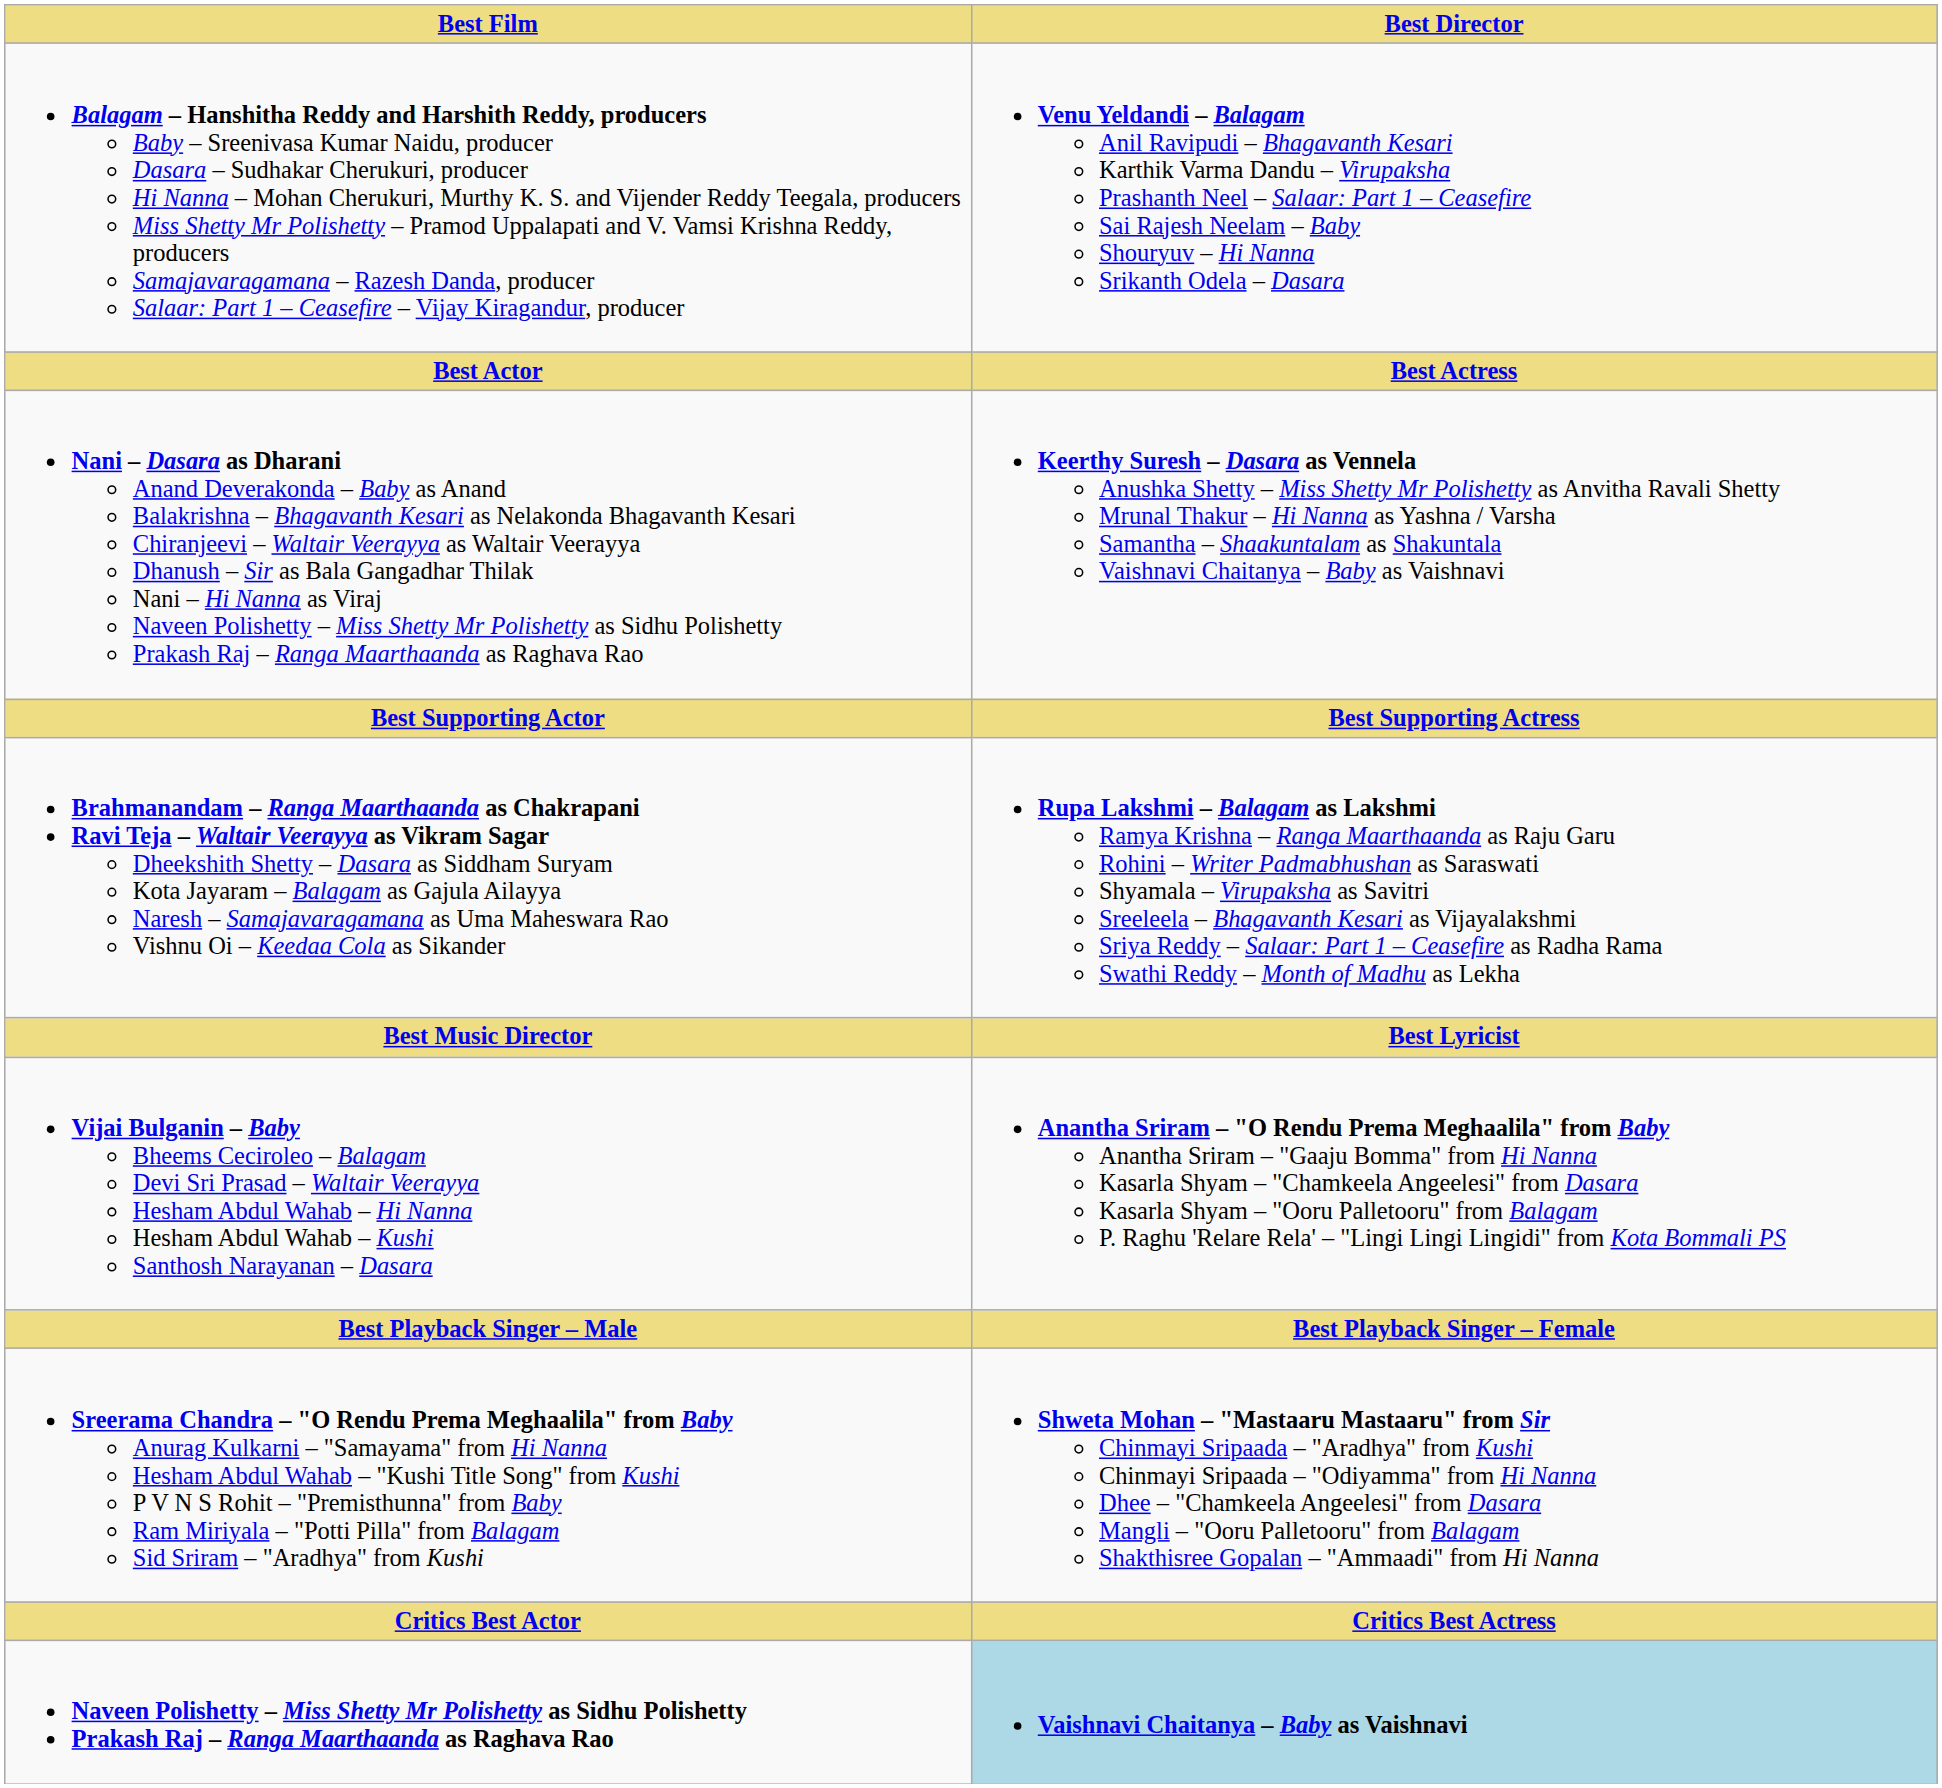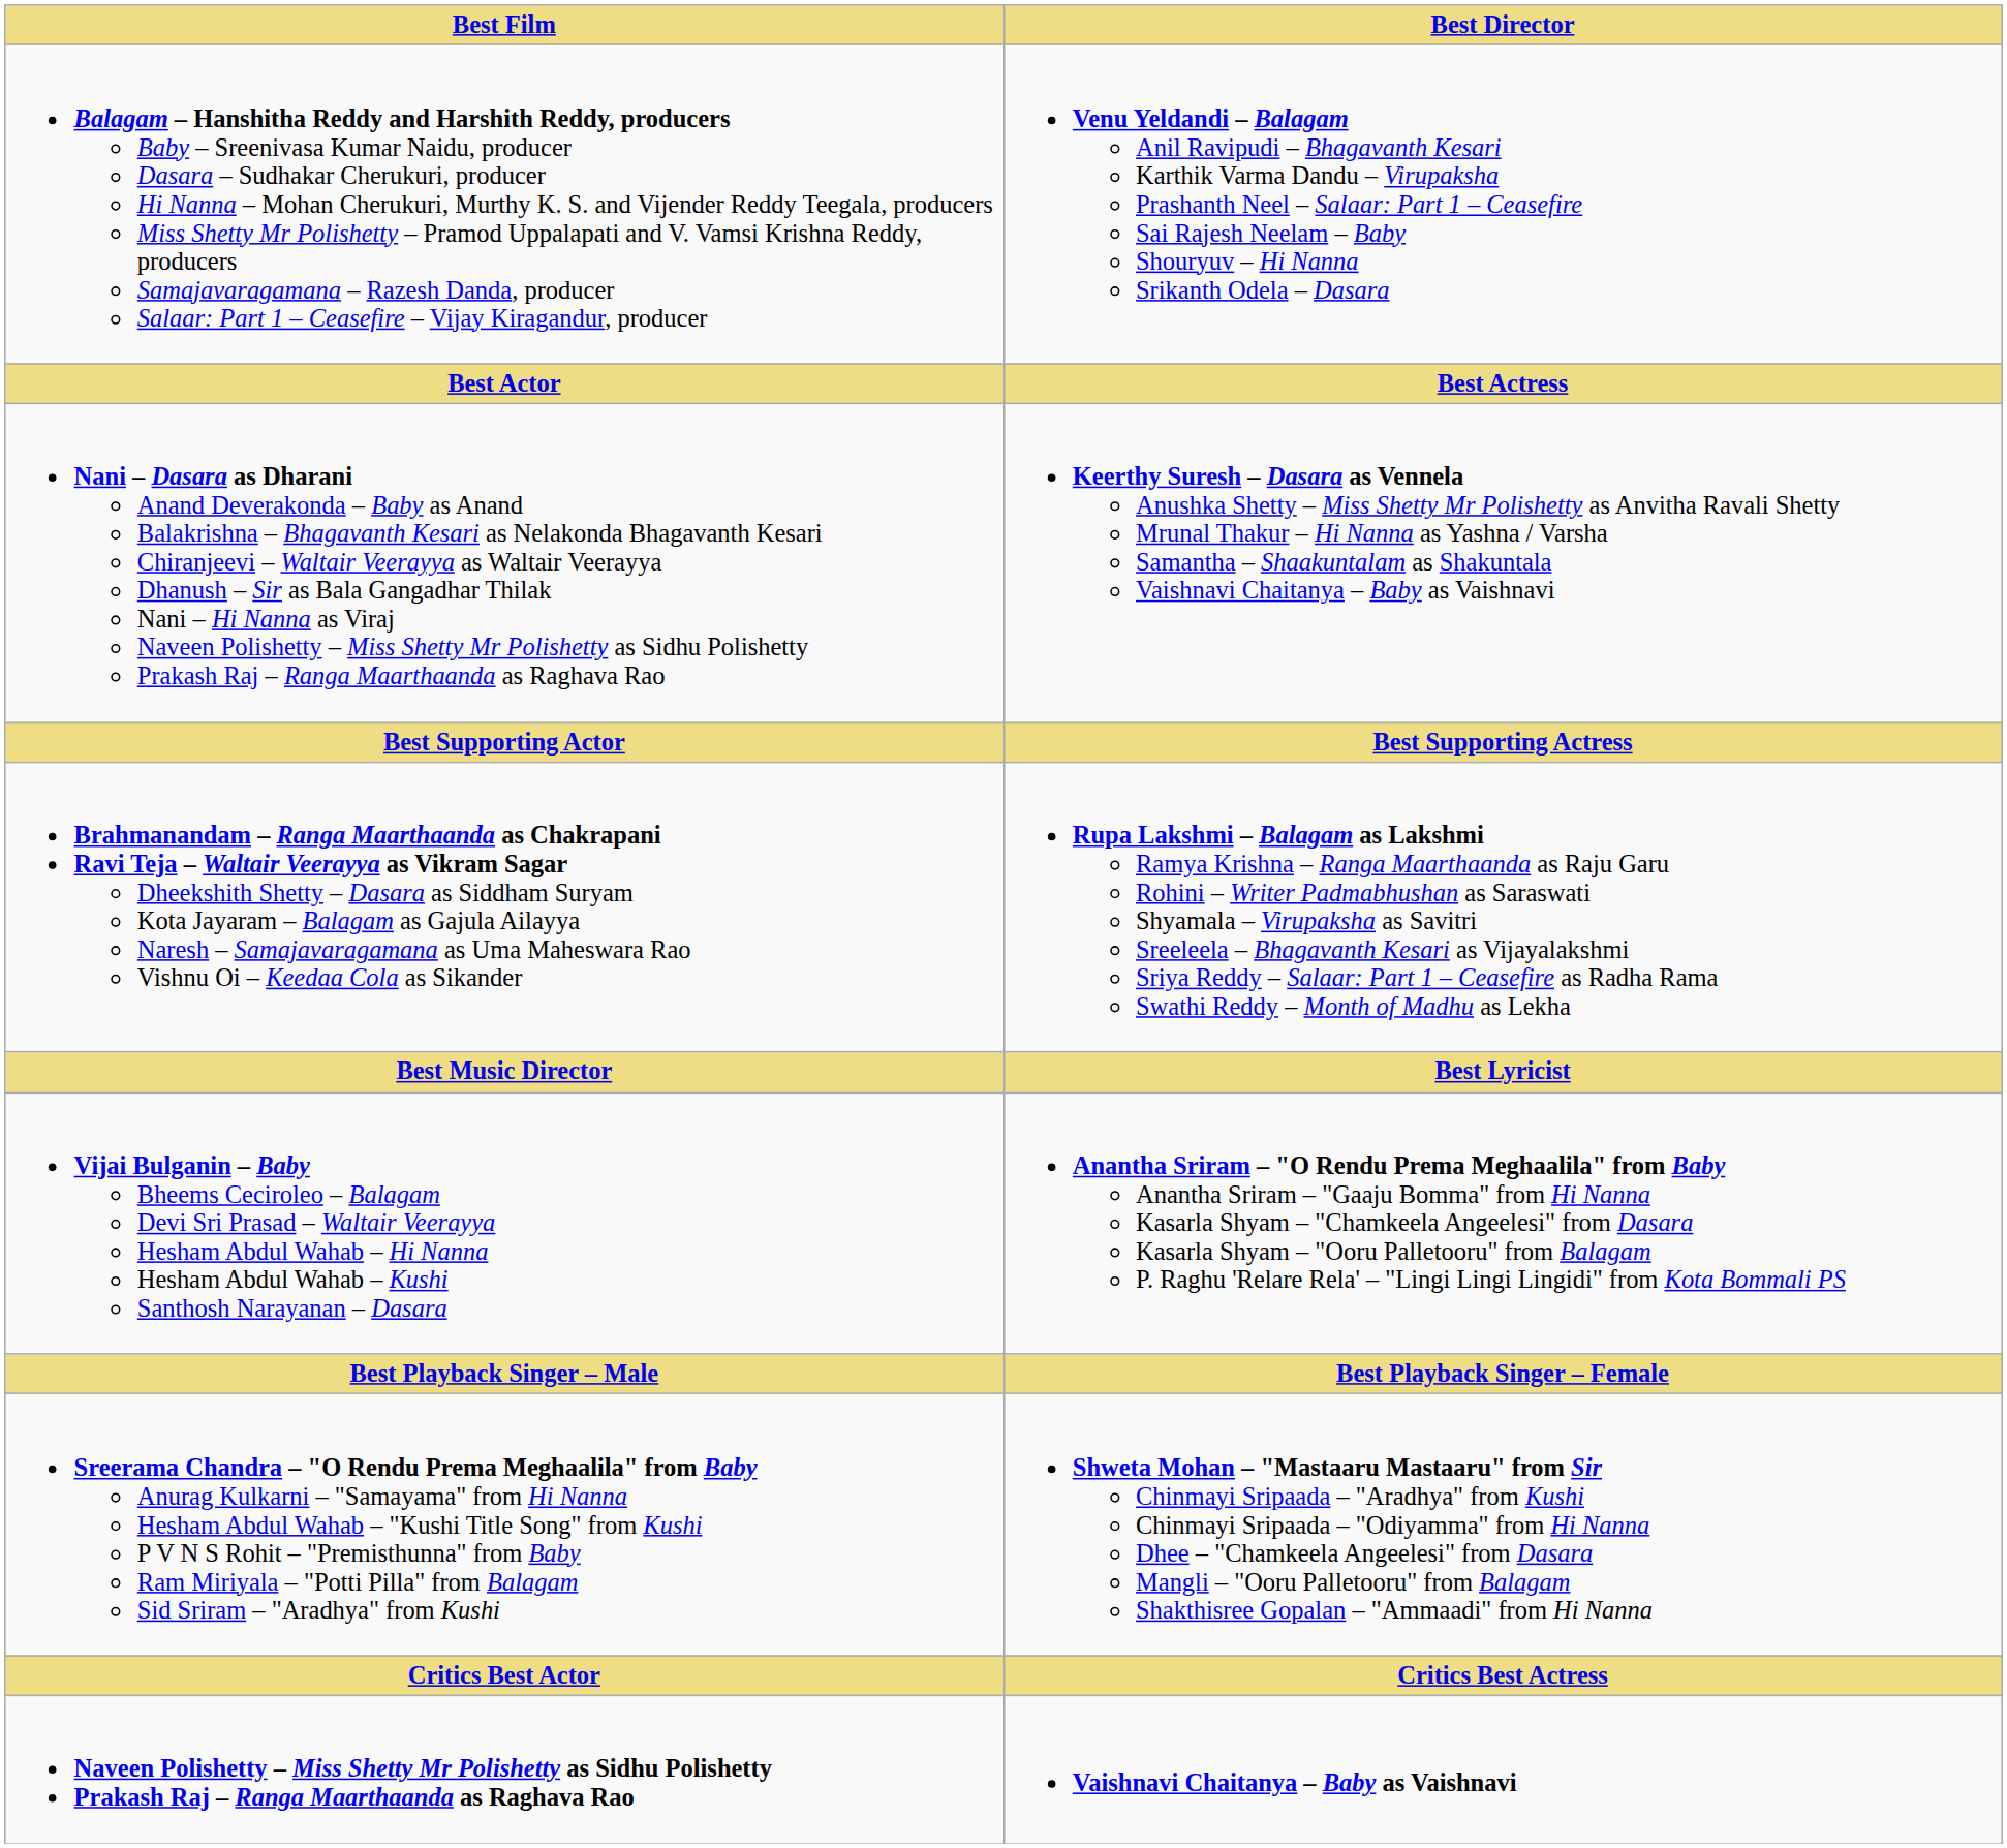 <table class="wikitable" width=100% |>
 <tr>
 <th ! style="background:#eedd82; text-align:center; width:50%;"><a href='#'>Best Film</a></th>
 <th ! style="background:#eedd82; text-align:center; width:50%;"><a href='#'>Best Director</a></th>
 </tr>
 <tr>
 <td valign="top"><br><ul><li><strong><a href='#'><em>Balagam</em></a> – Hanshitha Reddy and Harshith Reddy, producers</strong><ul><li><a href='#'><em>Baby</em></a> – Sreenivasa Kumar Naidu, producer</li><li><a href='#'><em>Dasara</em></a> – Sudhakar Cherukuri, producer</li><li><em><a href='#'>Hi Nanna</a></em> – Mohan Cherukuri, Murthy K. S. and Vijender Reddy Teegala, producers</li><li><em><a href='#'>Miss Shetty Mr Polishetty</a></em> – Pramod Uppalapati and V. Vamsi Krishna Reddy, producers</li><li><a href='#'><em>Samajavaragamana</em></a> – <a href='#'>Razesh Danda</a>, producer</li><li><em><a href='#'>Salaar: Part 1 – Ceasefire</a></em> – <a href='#'>Vijay Kiragandur</a>, producer</li></ul></li></ul></td>
 <td valign="top"><br><ul><li><strong><a href='#'>Venu Yeldandi</a> – <a href='#'><em>Balagam</em></a></strong><ul><li><a href='#'>Anil Ravipudi</a> – <em><a href='#'>Bhagavanth Kesari</a></em></li><li>Karthik Varma Dandu – <a href='#'><em>Virupaksha</em></a></li><li><a href='#'>Prashanth Neel</a> – <em><a href='#'>Salaar: Part 1 – Ceasefire</a></em></li><li><a href='#'>Sai Rajesh Neelam</a> – <a href='#'><em>Baby</em></a></li><li><a href='#'>Shouryuv</a> – <em><a href='#'>Hi Nanna</a></em></li><li><a href='#'>Srikanth Odela</a> – <a href='#'><em>Dasara</em></a></li></ul></li></ul></td>
 </tr>
 <tr>
 <th ! style="background:#eedd82; text-align:center;"><a href='#'>Best Actor</a></th>
 <th ! style="background:#eedd82; text-align:center;"><a href='#'>Best Actress</a></th>
 </tr>
 <tr>
 <td valign="top"><br><ul><li><strong><a href='#'>Nani</a> – <a href='#'><em>Dasara</em></a> as Dharani</strong><ul><li><a href='#'>Anand Deverakonda</a> – <a href='#'><em>Baby</em></a> as Anand</li><li><a href='#'>Balakrishna</a> – <em><a href='#'>Bhagavanth Kesari</a></em> as Nelakonda Bhagavanth Kesari</li><li><a href='#'>Chiranjeevi</a> – <em><a href='#'>Waltair Veerayya</a></em> as Waltair Veerayya</li><li><a href='#'>Dhanush</a> – <a href='#'><em>Sir</em></a> as Bala Gangadhar Thilak</li><li>Nani – <em><a href='#'>Hi Nanna</a></em> as Viraj</li><li><a href='#'>Naveen Polishetty</a> – <em><a href='#'>Miss Shetty Mr Polishetty</a></em> as Sidhu Polishetty</li><li><a href='#'>Prakash Raj</a> – <em><a href='#'>Ranga Maarthaanda</a></em> as Raghava Rao</li></ul></li></ul></td>
 <td valign="top"><br><ul><li><strong><a href='#'>Keerthy Suresh</a> – <a href='#'><em>Dasara</em></a> as Vennela</strong><ul><li><a href='#'>Anushka Shetty</a> – <em><a href='#'>Miss Shetty Mr Polishetty</a></em> as Anvitha Ravali Shetty</li><li><a href='#'>Mrunal Thakur</a> – <em><a href='#'>Hi Nanna</a></em> as Yashna / Varsha</li><li><a href='#'>Samantha</a> – <em><a href='#'>Shaakuntalam</a></em> as <a href='#'>Shakuntala</a></li><li><a href='#'>Vaishnavi Chaitanya</a> – <a href='#'><em>Baby</em></a> as Vaishnavi</li></ul></li></ul></td>
 </tr>
 <tr>
 <th ! style="background:#eedd82; text-align:center;"><a href='#'>Best Supporting Actor</a></th>
 <th ! style="background:#eedd82; text-align:center;"><a href='#'>Best Supporting Actress</a></th>
 </tr>
 <tr>
 <td valign="top"><br><ul><li><strong><a href='#'>Brahmanandam</a> – <em><a href='#'>Ranga Maarthaanda</a></em> as Chakrapani</strong></li><li><strong><a href='#'>Ravi Teja</a> – <em><a href='#'>Waltair Veerayya</a></em> as Vikram Sagar</strong><ul><li><a href='#'>Dheekshith Shetty</a> – <em><a href='#'>Dasara</a></em> as Siddham Suryam</li><li>Kota Jayaram – <em><a href='#'>Balagam</a></em> as Gajula Ailayya</li><li><a href='#'>Naresh</a> – <em><a href='#'>Samajavaragamana</a></em> as Uma Maheswara Rao</li><li>Vishnu Oi – <em><a href='#'>Keedaa Cola</a></em> as Sikander</li></ul></li></ul></td>
 <td valign="top"><br><ul><li><strong><a href='#'>Rupa Lakshmi</a> – <em><a href='#'>Balagam</a></em> as Lakshmi</strong><ul><li><a href='#'>Ramya Krishna</a> – <em><a href='#'>Ranga Maarthaanda</a></em> as Raju Garu</li><li><a href='#'>Rohini</a> – <em><a href='#'>Writer Padmabhushan</a></em> as Saraswati</li><li>Shyamala – <em><a href='#'>Virupaksha</a></em> as Savitri</li><li><a href='#'>Sreeleela</a> – <em><a href='#'>Bhagavanth Kesari</a></em> as Vijayalakshmi</li><li><a href='#'>Sriya Reddy</a> – <em><a href='#'>Salaar: Part 1 – Ceasefire</a></em> as Radha Rama</li><li><a href='#'>Swathi Reddy</a> – <em><a href='#'>Month of Madhu</a></em> as Lekha</li></ul></li></ul></td>
 </tr>
 <tr>
 <th ! style="background:#eedd82; text-align:center;"><a href='#'>Best Music Director</a></th>
 <th ! style="background:#eedd82; text-align:center;"><a href='#'>Best Lyricist</a></th>
 </tr>
 <tr>
 <td valign="top"><br><ul><li><strong><a href='#'>Vijai Bulganin</a></strong> <strong>– <a href='#'><em>Baby</em></a></strong><ul><li><a href='#'>Bheems Ceciroleo</a> – <a href='#'><em>Balagam</em></a></li><li><a href='#'>Devi Sri Prasad</a> – <em><a href='#'>Waltair Veerayya</a></em></li><li><a href='#'>Hesham Abdul Wahab</a> – <a href='#'><em>Hi Nanna</em></a></li><li>Hesham Abdul Wahab – <a href='#'><em>Kushi</em></a></li><li><a href='#'>Santhosh Narayanan</a> – <a href='#'><em>Dasara</em></a></li></ul></li></ul></td>
 <td valign="top"><br><ul><li><strong><a href='#'>Anantha Sriram</a> – "O Rendu Prema Meghaalila" from <a href='#'><em>Baby</em></a></strong><ul><li>Anantha Sriram – "Gaaju Bomma" from <a href='#'><em>Hi Nanna</em></a></li><li>Kasarla Shyam – "Chamkeela Angeelesi" from <a href='#'><em>Dasara</em></a></li><li>Kasarla Shyam – "Ooru Palletooru" from <a href='#'><em>Balagam</em></a></li><li>P. Raghu 'Relare Rela' – "Lingi Lingi Lingidi" from <em><a href='#'>Kota Bommali PS</a></em></li></ul></li></ul></td>
 </tr>
 <tr>
 <th ! style="background:#eedd82; text-align:center;"><a href='#'>Best Playback Singer – Male</a></th>
 <th ! style="background:#eedd82; text-align:center;"><a href='#'>Best Playback Singer – Female</a></th>
 </tr>
 <tr>
 <td valign="top"><br><ul><li><strong><a href='#'>Sreerama Chandra</a> – "O Rendu Prema Meghaalila" from <a href='#'><em>Baby</em></a></strong><ul><li><a href='#'>Anurag Kulkarni</a> – "Samayama" from <a href='#'><em>Hi Nanna</em></a></li><li><a href='#'>Hesham Abdul Wahab</a> – "Kushi Title Song" from <a href='#'><em>Kushi</em></a></li><li>P V N S Rohit – "Premisthunna" from <a href='#'><em>Baby</em></a></li><li><a href='#'>Ram Miriyala</a> – "Potti Pilla" from <a href='#'><em>Balagam</em></a></li><li><a href='#'>Sid Sriram</a> – "Aradhya" from <em>Kushi</em></li></ul></li></ul></td>
 <td valign="top"><br><ul><li><strong><a href='#'>Shweta Mohan</a> – "Mastaaru Mastaaru" from <a href='#'><em>Sir</em></a></strong><ul><li><a href='#'>Chinmayi Sripaada</a> – "Aradhya" from <a href='#'><em>Kushi</em></a></li><li>Chinmayi Sripaada – "Odiyamma" from <a href='#'><em>Hi Nanna</em></a></li><li><a href='#'>Dhee</a> – "Chamkeela Angeelesi" from <a href='#'><em>Dasara</em></a></li><li><a href='#'>Mangli</a> – "Ooru Palletooru" from <a href='#'><em>Balagam</em></a></li><li><a href='#'>Shakthisree Gopalan</a> – "Ammaadi" from <em>Hi Nanna</em></li></ul></li></ul></td>
 </tr>
 <tr>
 <th ! style="background:#eedd82; text-align:center;"><a href='#'>Critics Best Actor</a></th>
 <th ! style="background:#eedd82; text-align:center;"><a href='#'><strong>Critics Best Actress</strong></a></th>
 </tr>
 <tr>
 <td><br><ul><li><strong><a href='#'>Naveen Polishetty</a></strong> <strong>– <em><a href='#'>Miss Shetty Mr Polishetty</a></em> as Sidhu Polishetty</strong></li><li><strong><a href='#'>Prakash Raj</a></strong> <strong>– <em><a href='#'>Ranga Maarthaanda</a></em> as Raghava Rao</strong></li></ul></td>
-<td style="background: lightblue;"><br><ul><li><strong><a href='#'>Vaishnavi Chaitanya</a> – <a href='#'><em>Baby</em></a> as Vaishnavi</strong></li></ul></td>
+<td><br><ul><li><strong><a href='#'>Vaishnavi Chaitanya</a> – <a href='#'><em>Baby</em></a> as Vaishnavi</strong></li></ul></td>
 </tr>
 </table>
